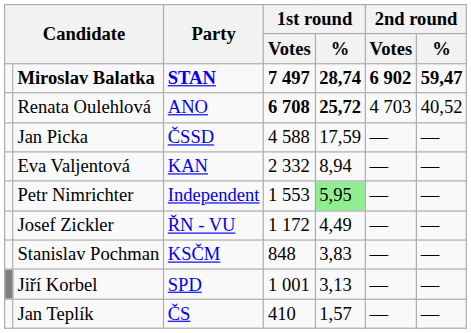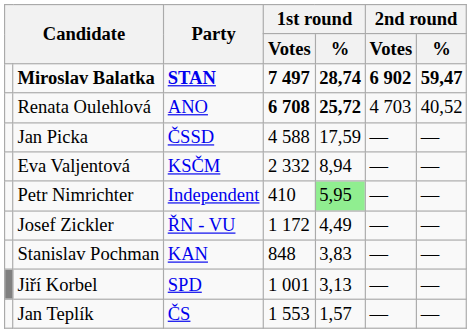 <table class="wikitable sortable">
 <tr>
 <th colspan="2" rowspan="2">Candidate</th>
 <th rowspan="2">Party</th>
 <th colspan="2">1st round</th>
 <th colspan="2">2nd round</th>
 </tr>
 <tr>
 <th>Votes</th>
 <th>%</th>
 <th>Votes</th>
 <th>%</th>
 </tr>
 <tr>
 <td style="background-color:"></td>
 <td><strong>Miroslav Balatka</strong></td>
 <td><strong><a href='#'>STAN</a></strong></td>
 <td><strong>7 497</strong></td>
 <td><strong>28,74</strong></td>
 <td><strong>6 902</strong></td>
 <td><strong>59,47</strong></td>
 </tr>
 <tr>
 <td style="background-color:"></td>
 <td>Renata Oulehlová</td>
 <td><a href='#'>ANO</a></td>
 <td><strong>6 708</strong></td>
 <td><strong>25,72</strong></td>
 <td>4 703</td>
 <td>40,52</td>
 </tr>
 <tr>
 <td style="background-color:"></td>
 <td>Jan Picka</td>
 <td><a href='#'>ČSSD</a></td>
 <td>4 588</td>
 <td>17,59</td>
 <td>—</td>
 <td>—</td>
 </tr>
 <tr>
 <td style="background-color:"></td>
 <td>Eva Valjentová</td>
-<td><a href='#'>KAN</a></td>
+<td><a href='#'>KSČM</a></td>
 <td>2 332</td>
 <td>8,94</td>
 <td>—</td>
 <td>—</td>
 </tr>
 <tr>
 <td style="background-color:"></td>
 <td>Petr Nimrichter</td>
 <td><a href='#'>Independent</a></td>
-<td>1 553</td>
+<td>410</td>
 <td style="background: lightgreen;">5,95</td>
 <td>—</td>
 <td>—</td>
 </tr>
 <tr>
 <td style="background-color:"></td>
 <td>Josef Zickler</td>
 <td><a href='#'>ŘN - VU</a></td>
 <td>1 172</td>
 <td>4,49</td>
 <td>—</td>
 <td>—</td>
 </tr>
 <tr>
 <td style="background-color:"></td>
 <td>Stanislav Pochman</td>
-<td><a href='#'>KSČM</a></td>
+<td><a href='#'>KAN</a></td>
 <td>848</td>
 <td>3,83</td>
 <td>—</td>
 <td>—</td>
 </tr>
 <tr>
 <td style="background-color:grey"></td>
 <td>Jiří Korbel</td>
 <td><a href='#'>SPD</a></td>
 <td>1 001</td>
 <td>3,13</td>
 <td>—</td>
 <td>—</td>
 </tr>
 <tr>
 <td style="background-color:"></td>
 <td>Jan Teplík</td>
 <td><a href='#'>ČS</a></td>
-<td>410</td>
+<td>1 553</td>
 <td>1,57</td>
 <td>—</td>
 <td>—</td>
 </tr>
 </table>
